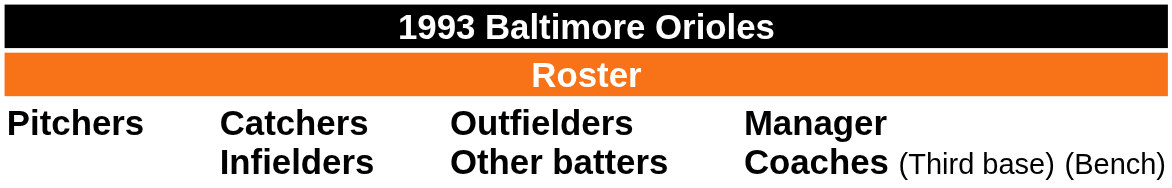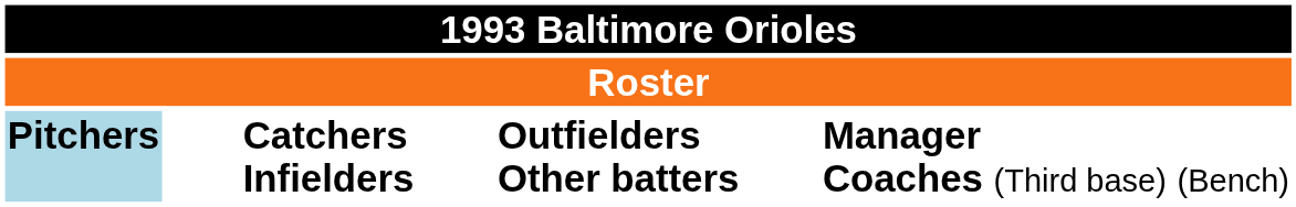 <table class="toccolours" style="font-size: 95%;">
 <tr>
 <th colspan="10" style="background-color: black; color: #FFFFFF; text-align: center;">1993 Baltimore Orioles</th>
 </tr>
 <tr>
 <td colspan="10" style="background-color: #F87217; color: white; text-align: center;"><strong>Roster</strong></td>
 </tr>
 <tr>
-<td valign="top"><strong>Pitchers</strong><br>               </td>
+<td valign="top" style="background: lightblue;"><strong>Pitchers</strong><br>               </td>
 <td width="25px"></td>
 <td valign="top"><strong>Catchers</strong><br>   <strong>Infielders</strong>        </td>
 <td width="25px"></td>
 <td valign="top"><strong>Outfielders</strong><br>           <strong>Other batters</strong>  </td>
 <td width="25px"></td>
 <td valign="top"><strong>Manager</strong><br> <strong>Coaches</strong> </small> </small>  <small>(Third base)</small> </small> </small>  <small>(Bench)</small></td>
 </tr>
 </table>
